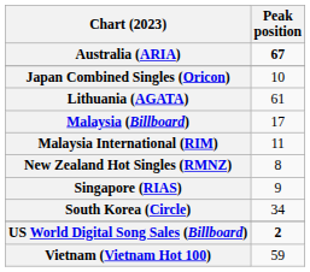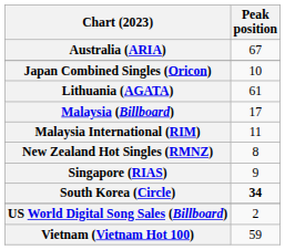 <table class="wikitable sortable plainrowheaders" style="text-align:center">
 <tr>
 <th scope="col">Chart (2023)</th>
 <th scope="col">Peak<br>position</th>
 </tr>
 <tr>
 <th scope="row">Australia (<a href='#'>ARIA</a>)</th>
-<td><strong>67</strong></td>
+<td>67</td>
 </tr>
 <tr>
 </tr>
 <tr>
 </tr>
 <tr>
 </tr>
 <tr>
 </tr>
 <tr>
 <th scope="row">Japan Combined Singles (<a href='#'>Oricon</a>)</th>
 <td>10</td>
 </tr>
 <tr>
 <th scope="row">Lithuania (<a href='#'>AGATA</a>)</th>
 <td>61</td>
 </tr>
 <tr>
 <th scope="row"><a href='#'>Malaysia</a> (<em><a href='#'>Billboard</a></em>)</th>
 <td>17</td>
 </tr>
 <tr>
 <th scope="row">Malaysia International (<a href='#'>RIM</a>)</th>
 <td>11</td>
 </tr>
 <tr>
 <th scope="row">New Zealand Hot Singles (<a href='#'>RMNZ</a>)</th>
 <td>8</td>
 </tr>
 <tr>
 <th scope="row">Singapore (<a href='#'>RIAS</a>)</th>
 <td>9</td>
 </tr>
 <tr>
 <th scope="row">South Korea (<a href='#'>Circle</a>)</th>
-<td>34</td>
+<td><strong>34</strong></td>
 </tr>
 <tr>
 </tr>
 <tr>
 </tr>
 <tr>
 </tr>
 <tr>
 <th scope="row">US <a href='#'>World Digital Song Sales</a> (<em><a href='#'>Billboard</a></em>)</th>
-<td><strong>2</strong></td>
+<td>2</td>
 </tr>
 <tr>
 <th scope="row">Vietnam (<a href='#'>Vietnam Hot 100</a>)</th>
 <td>59</td>
 </tr>
 </table>
